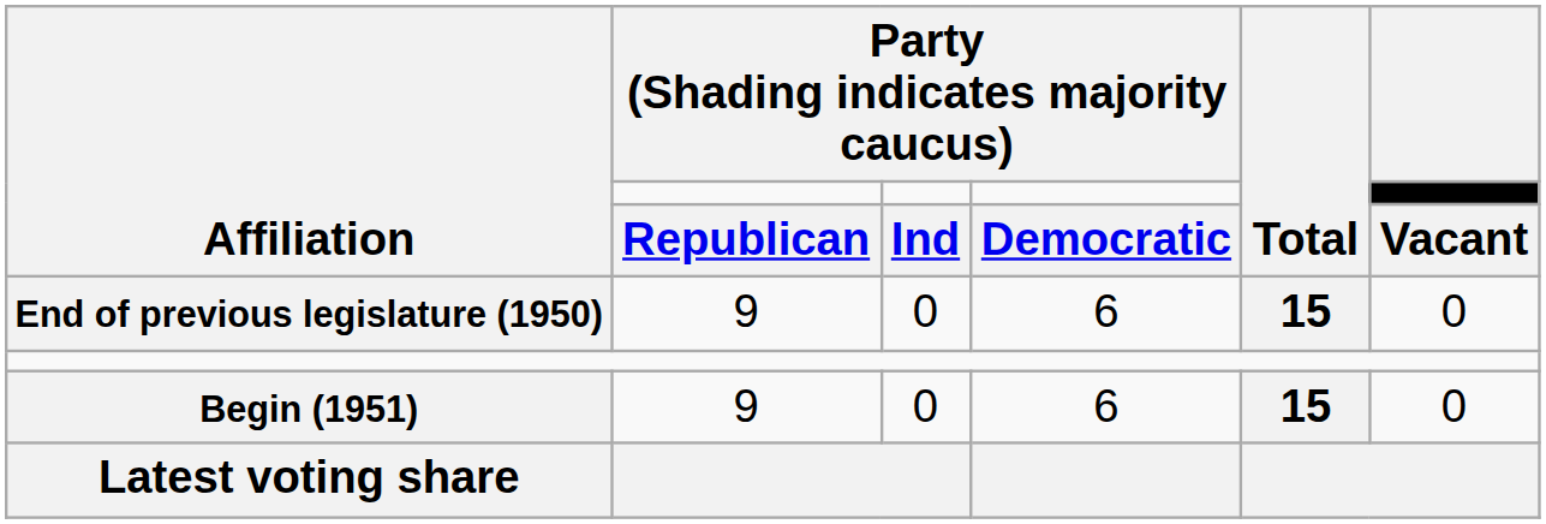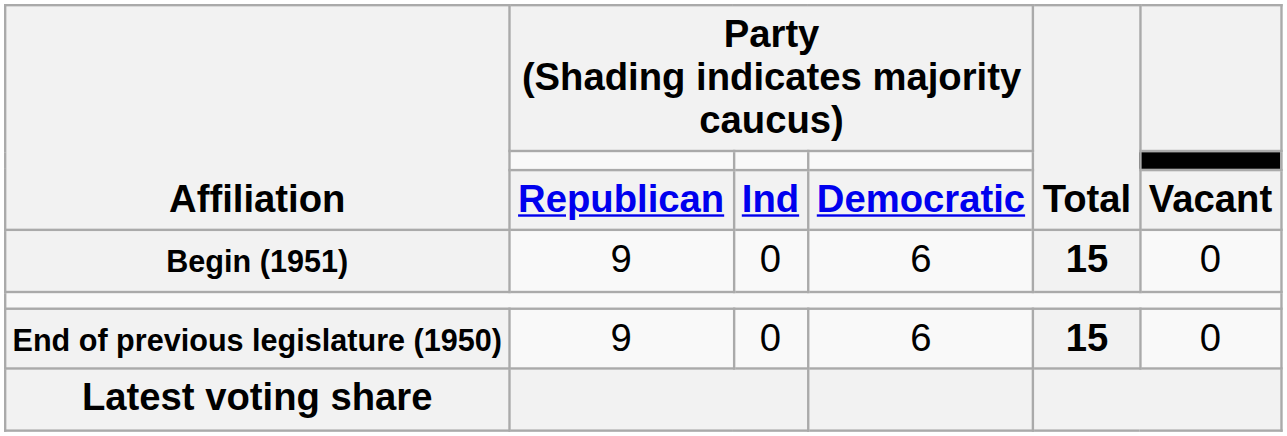 <table class=wikitable style="text-align:center; width:50%">
 <tr style="vertical-align:bottom;">
 <th rowspan=3>Affiliation</th>
 <th colspan=3>Party <div>(Shading indicates majority caucus)</div></th>
 <th rowspan=3>Total</th>
 <th></th>
 </tr>
 <tr style="height:5px">
 <td style="background-color:"></td>
 <td style="background-color:"></td>
 <td style="background-color:"></td>
 <td style="background-color:black"></td>
 </tr>
 <tr>
 <th><a href='#'>Republican</a></th>
 <th><a href='#'>Ind</a></th>
 <th><a href='#'>Democratic</a></th>
 <th>Vacant</th>
 </tr>
 <tr>
-<th nowrap style="font-size:80%">End of previous legislature (1950)</th>
+<th nowrap style="font-size:80%">Begin (1951)</th>
 <td>9</td>
 <td>0</td>
 <td>6</td>
 <th>15</th>
 <td>0</td>
 </tr>
 <tr>
 <td colspan=6></td>
 </tr>
 <tr>
-<th nowrap style="font-size:80%">Begin (1951)</th>
+<th nowrap style="font-size:80%">End of previous legislature (1950)</th>
 <td>9</td>
 <td>0</td>
 <td>6</td>
 <th>15</th>
 <td>0</td>
 </tr>
 <tr>
 <th>Latest voting share</th>
 <th colspan=2 ></th>
 <th></th>
 <th colspan=2></th>
 </tr>
 </table>
